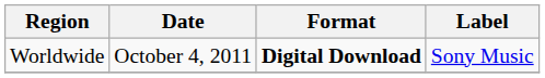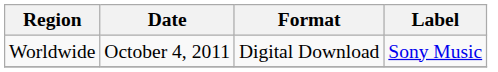 <table class=wikitable>
 <tr>
 <th>Region</th>
 <th>Date</th>
 <th>Format</th>
 <th>Label</th>
 </tr>
 <tr>
 <td>Worldwide</td>
 <td>October 4, 2011</td>
-<td><strong>Digital Download</strong></td>
+<td>Digital Download</td>
 <td><a href='#'>Sony Music</a></td>
 </tr>
 <tr>
 </tr>
 </table>
